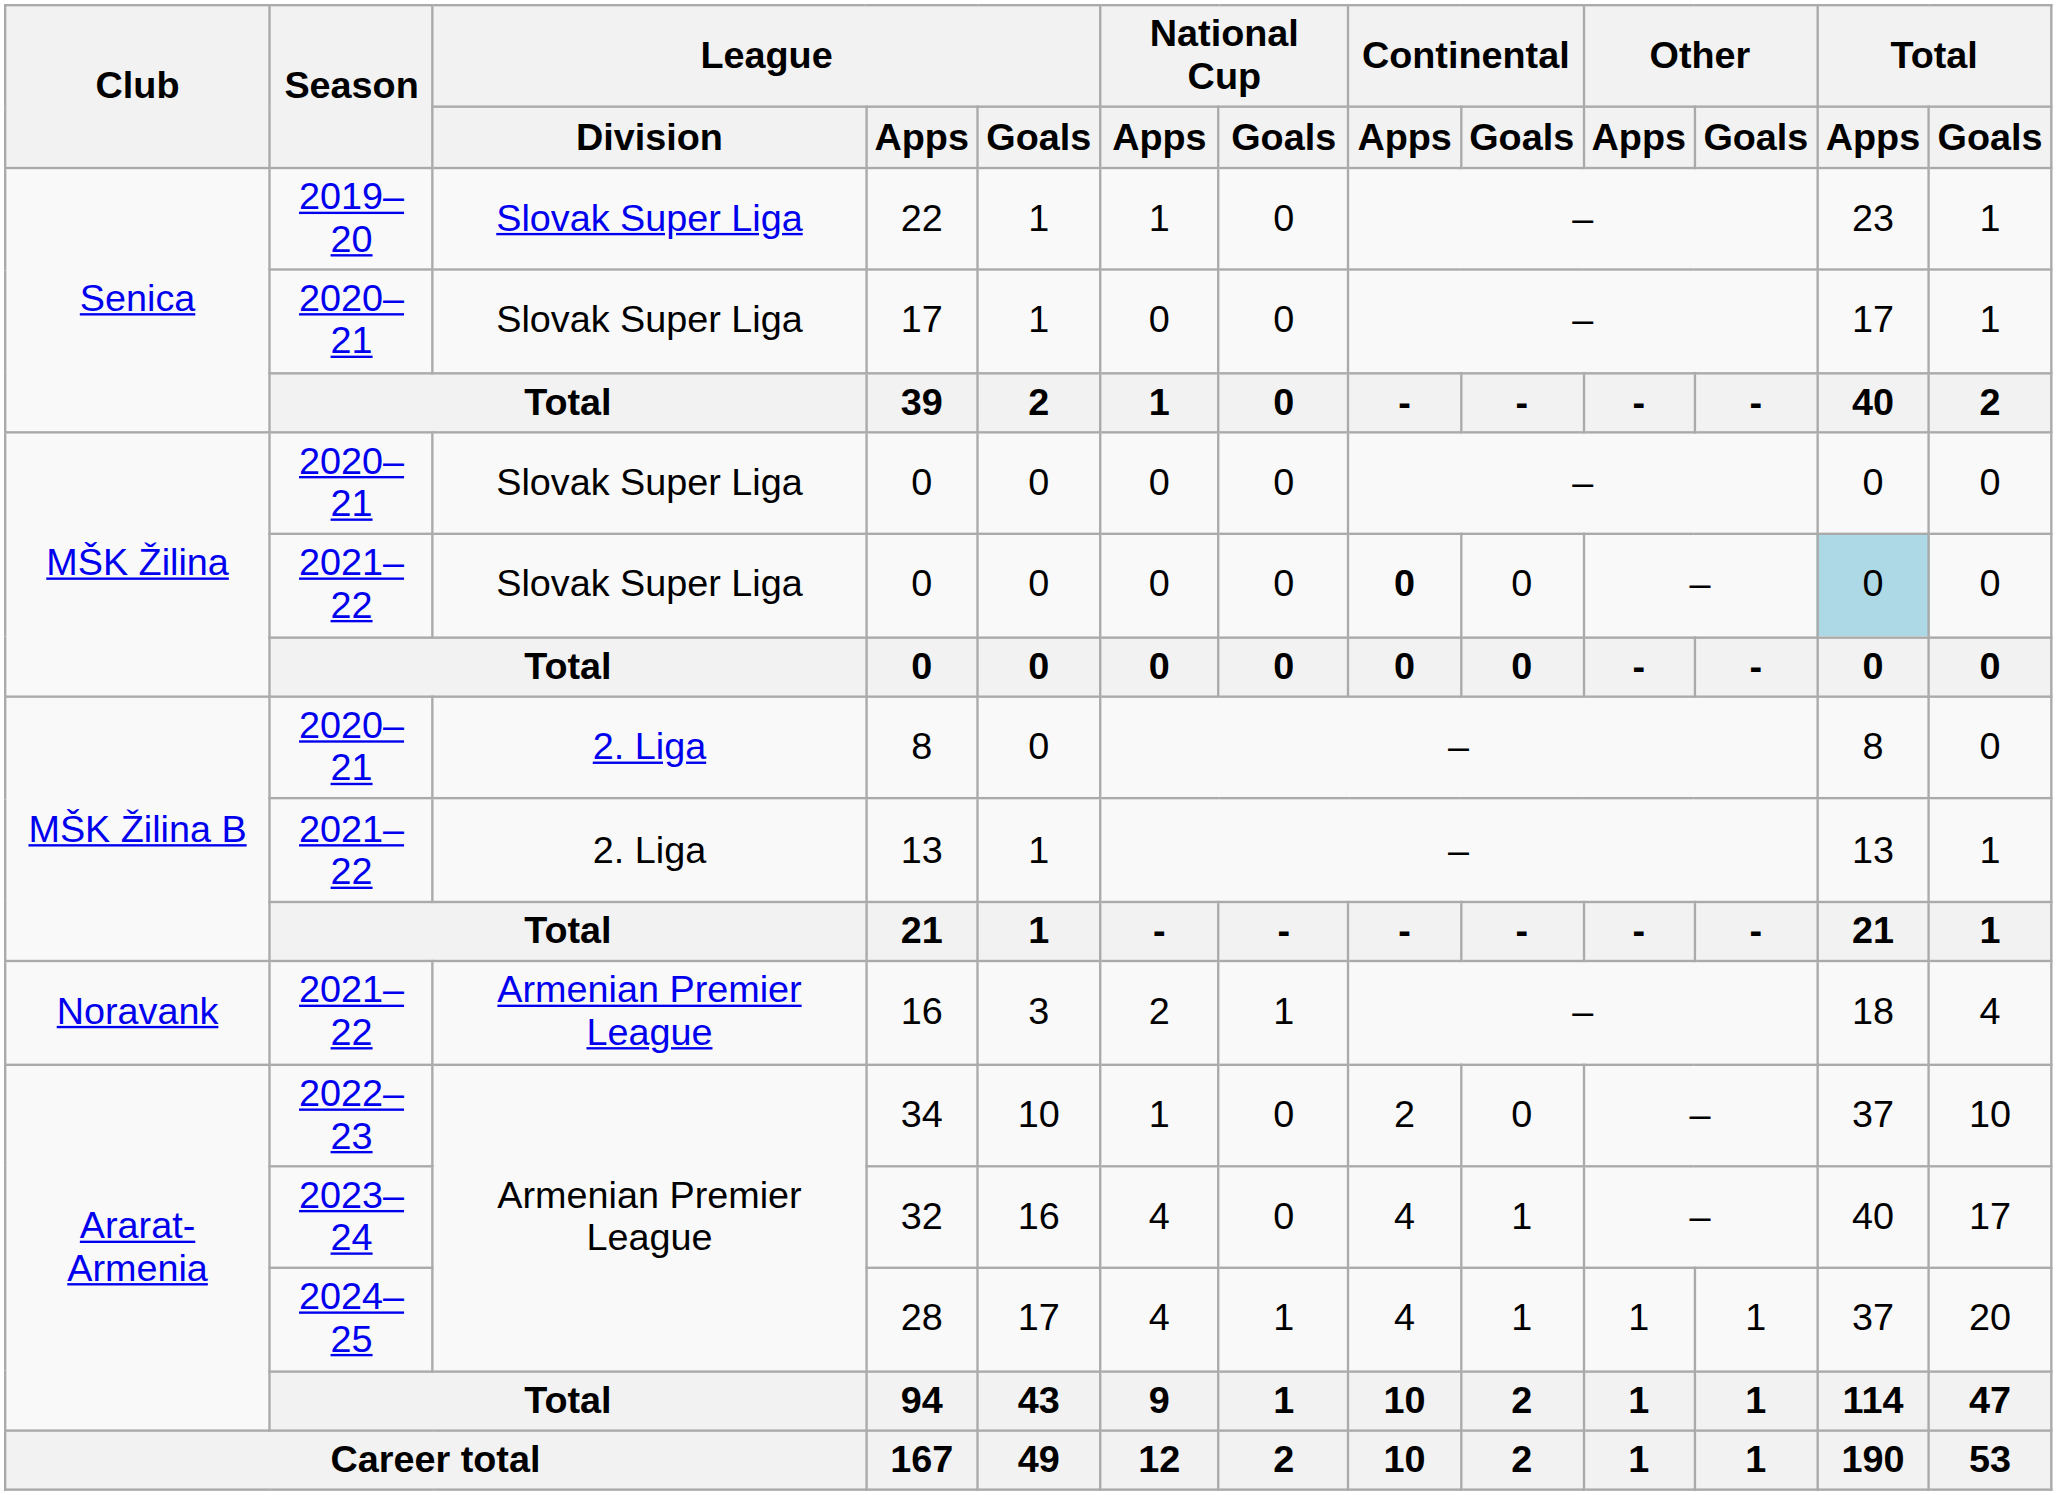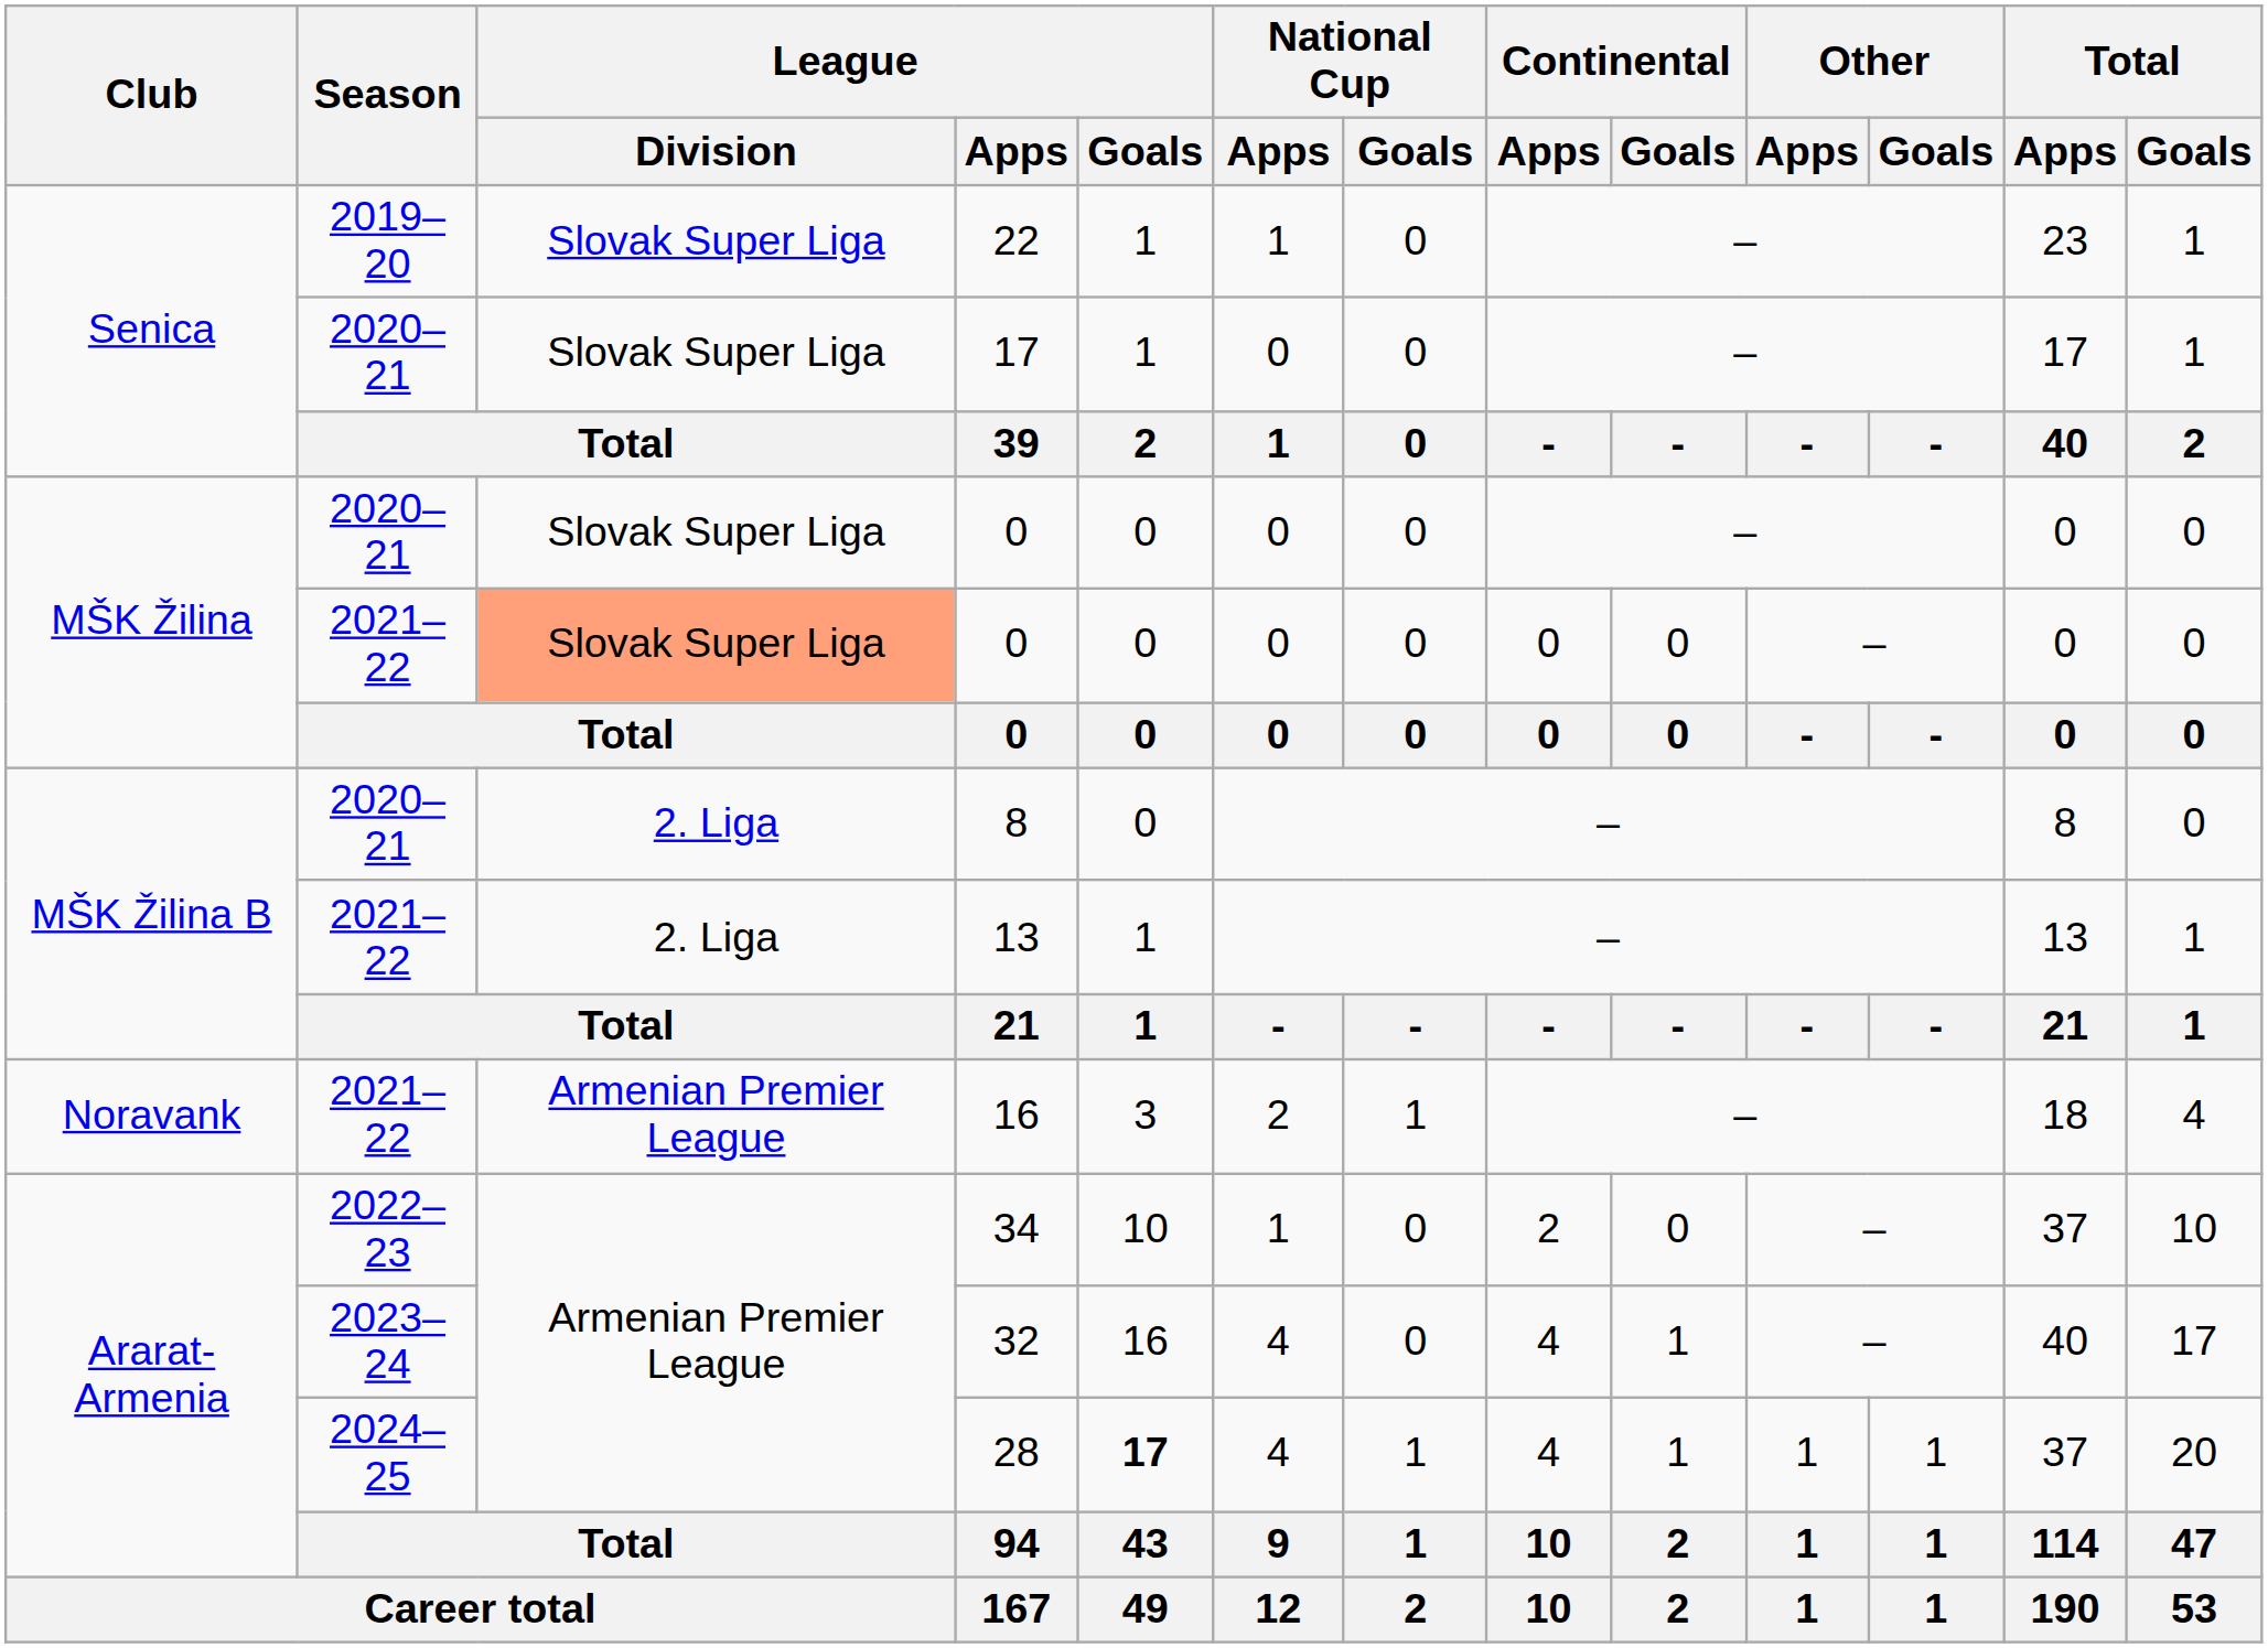 <table class="wikitable" style="text-align: center">
 <tr>
 <th rowspan="2">Club</th>
 <th rowspan="2">Season</th>
 <th colspan="3">League</th>
 <th colspan="2">National Cup</th>
 <th colspan="2">Continental</th>
 <th colspan="2">Other</th>
 <th colspan="2">Total</th>
 </tr>
 <tr>
 <th>Division</th>
 <th>Apps</th>
 <th>Goals</th>
 <th>Apps</th>
 <th>Goals</th>
 <th>Apps</th>
 <th>Goals</th>
 <th>Apps</th>
 <th>Goals</th>
 <th>Apps</th>
 <th>Goals</th>
 </tr>
 <tr>
 <td rowspan="3"><a href='#'>Senica</a></td>
 <td><a href='#'>2019–20</a></td>
 <td><a href='#'>Slovak Super Liga</a></td>
 <td>22</td>
 <td>1</td>
 <td>1</td>
 <td>0</td>
 <td colspan="4">–</td>
 <td>23</td>
 <td>1</td>
 </tr>
 <tr>
 <td><a href='#'>2020–21</a></td>
 <td>Slovak Super Liga</td>
 <td>17</td>
 <td>1</td>
 <td>0</td>
 <td>0</td>
 <td colspan="4">–</td>
 <td>17</td>
 <td>1</td>
 </tr>
 <tr>
 <th colspan="2">Total</th>
 <th>39</th>
 <th>2</th>
 <th>1</th>
 <th>0</th>
 <th>-</th>
 <th>-</th>
 <th>-</th>
 <th>-</th>
 <th>40</th>
 <th>2</th>
 </tr>
 <tr>
 <td rowspan="3"><a href='#'>MŠK Žilina</a></td>
 <td><a href='#'>2020–21</a></td>
 <td>Slovak Super Liga</td>
 <td>0</td>
 <td>0</td>
 <td>0</td>
 <td>0</td>
 <td colspan="4">–</td>
 <td>0</td>
 <td>0</td>
 </tr>
 <tr>
 <td><a href='#'>2021–22</a></td>
-<td>Slovak Super Liga</td>
+<td style="background: lightsalmon;">Slovak Super Liga</td>
 <td>0</td>
 <td>0</td>
 <td>0</td>
 <td>0</td>
-<td><strong>0</strong></td>
+<td>0</td>
 <td>0</td>
 <td colspan="2">–</td>
-<td style="background: lightblue;">0</td>
+<td>0</td>
 <td>0</td>
 </tr>
 <tr>
 <th colspan="2">Total</th>
 <th>0</th>
 <th>0</th>
 <th>0</th>
 <th>0</th>
 <th>0</th>
 <th>0</th>
 <th>-</th>
 <th>-</th>
 <th>0</th>
 <th>0</th>
 </tr>
 <tr>
 <td rowspan="3"><a href='#'>MŠK Žilina B</a></td>
 <td><a href='#'>2020–21</a></td>
 <td><a href='#'>2. Liga</a></td>
 <td>8</td>
 <td>0</td>
 <td colspan="6">–</td>
 <td>8</td>
 <td>0</td>
 </tr>
 <tr>
 <td><a href='#'>2021–22</a></td>
 <td>2. Liga</td>
 <td>13</td>
 <td>1</td>
 <td colspan="6">–</td>
 <td>13</td>
 <td>1</td>
 </tr>
 <tr>
 <th colspan="2">Total</th>
 <th>21</th>
 <th>1</th>
 <th>-</th>
 <th>-</th>
 <th>-</th>
 <th>-</th>
 <th>-</th>
 <th>-</th>
 <th>21</th>
 <th>1</th>
 </tr>
 <tr>
 <td><a href='#'>Noravank</a></td>
 <td><a href='#'>2021–22</a></td>
 <td><a href='#'>Armenian Premier League</a></td>
 <td>16</td>
 <td>3</td>
 <td>2</td>
 <td>1</td>
 <td colspan="4">–</td>
 <td>18</td>
 <td>4</td>
 </tr>
 <tr>
 <td rowspan="4"><a href='#'>Ararat-Armenia</a></td>
 <td><a href='#'>2022–23</a></td>
 <td rowspan="3">Armenian Premier League</td>
 <td>34</td>
 <td>10</td>
 <td>1</td>
 <td>0</td>
 <td>2</td>
 <td>0</td>
 <td colspan="2">–</td>
 <td>37</td>
 <td>10</td>
 </tr>
 <tr>
 <td><a href='#'>2023–24</a></td>
 <td>32</td>
 <td>16</td>
 <td>4</td>
 <td>0</td>
 <td>4</td>
 <td>1</td>
 <td colspan="2">–</td>
 <td>40</td>
 <td>17</td>
 </tr>
 <tr>
 <td><a href='#'>2024–25</a></td>
 <td>28</td>
-<td>17</td>
+<td><strong>17</strong></td>
 <td>4</td>
 <td>1</td>
 <td>4</td>
 <td>1</td>
 <td>1</td>
 <td>1</td>
 <td>37</td>
 <td>20</td>
 </tr>
 <tr>
 <th colspan="2">Total</th>
 <th>94</th>
 <th>43</th>
 <th>9</th>
 <th>1</th>
 <th>10</th>
 <th>2</th>
 <th>1</th>
 <th>1</th>
 <th>114</th>
 <th>47</th>
 </tr>
 <tr>
 <th colspan="3">Career total</th>
 <th>167</th>
 <th>49</th>
 <th>12</th>
 <th>2</th>
 <th>10</th>
 <th>2</th>
 <th>1</th>
 <th>1</th>
 <th>190</th>
 <th>53</th>
 </tr>
 </table>
